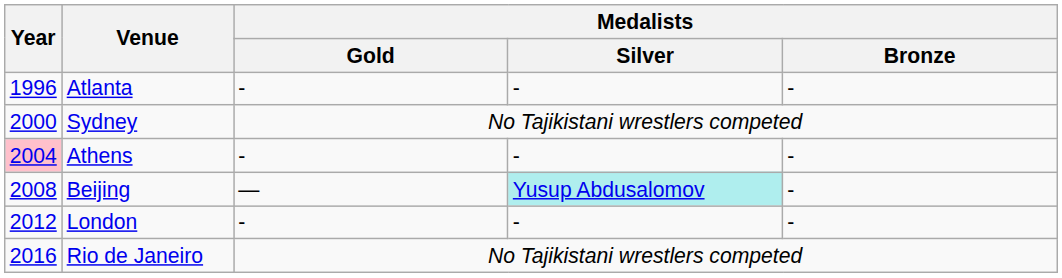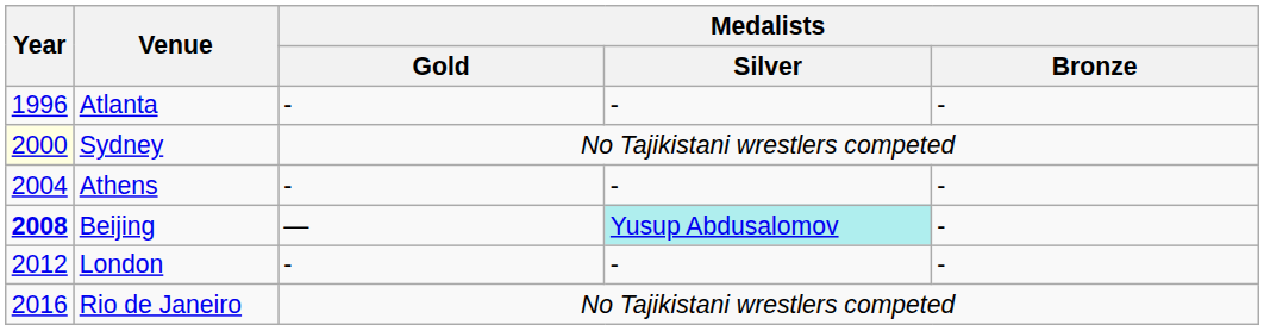 <table class="wikitable" style="text-align:left; font-size:90%">
 <tr>
 <th rowspan=2>Year</th>
 <th width=110 rowspan=2>Venue</th>
 <th colspan=3>Medalists</th>
 </tr>
 <tr>
 <th width=180 align="center">Gold</th>
 <th width=180 align="center">Silver</th>
 <th width=180 align="center">Bronze</th>
 </tr>
 <tr>
 <td><a href='#'>1996</a></td>
 <td><a href='#'>Atlanta</a></td>
 <td>-</td>
 <td>-</td>
 <td>-</td>
 </tr>
 <tr>
-<td><a href='#'>2000</a></td>
+<td style="background: lightyellow;"><a href='#'>2000</a></td>
 <td><a href='#'>Sydney</a></td>
 <td align="center" colspan=3><em>No Tajikistani wrestlers competed</em></td>
 </tr>
 <tr>
-<td style="background: pink;"><a href='#'>2004</a></td>
+<td><a href='#'>2004</a></td>
 <td><a href='#'>Athens</a></td>
 <td>-</td>
 <td>-</td>
 <td>-</td>
 </tr>
 <tr>
-<td><a href='#'>2008</a></td>
+<td><strong><a href='#'>2008</a></strong></td>
 <td><a href='#'>Beijing</a></td>
 <td>—</td>
 <td style="background: paleturquoise;"><a href='#'>Yusup Abdusalomov</a></td>
 <td>-</td>
 </tr>
 <tr>
 <td><a href='#'>2012</a></td>
 <td><a href='#'>London</a></td>
 <td>-</td>
 <td>-</td>
 <td>-</td>
 </tr>
 <tr>
 <td><a href='#'>2016</a></td>
 <td><a href='#'>Rio de Janeiro</a></td>
 <td align="center" colspan=3><em>No Tajikistani wrestlers competed</em></td>
 </tr>
 </table>
